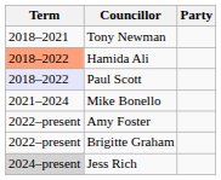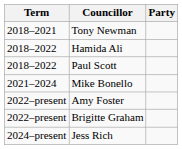 <table class="wikitable">
 <tr>
 <th>Term</th>
 <th>Councillor</th>
 <th colspan=2>Party</th>
 </tr>
 <tr>
 <td>2018–2021</td>
 <td>Tony Newman</td>
 <td></td>
 </tr>
 <tr>
-<td style="background: lightsalmon;">2018–2022</td>
+<td>2018–2022</td>
 <td>Hamida Ali</td>
 <td></td>
 </tr>
 <tr>
-<td style="background: lavender;">2018–2022</td>
+<td>2018–2022</td>
 <td>Paul Scott</td>
 <td></td>
 </tr>
 <tr>
 <td>2021–2024</td>
 <td>Mike Bonello</td>
 <td></td>
 </tr>
 <tr>
 <td>2022–present</td>
 <td>Amy Foster</td>
 <td></td>
 </tr>
 <tr>
 <td>2022–present</td>
 <td>Brigitte Graham</td>
 <td></td>
 </tr>
 <tr>
-<td style="background: lightgrey;">2024–present</td>
+<td>2024–present</td>
 <td>Jess Rich</td>
 <td></td>
 </tr>
 </table>
